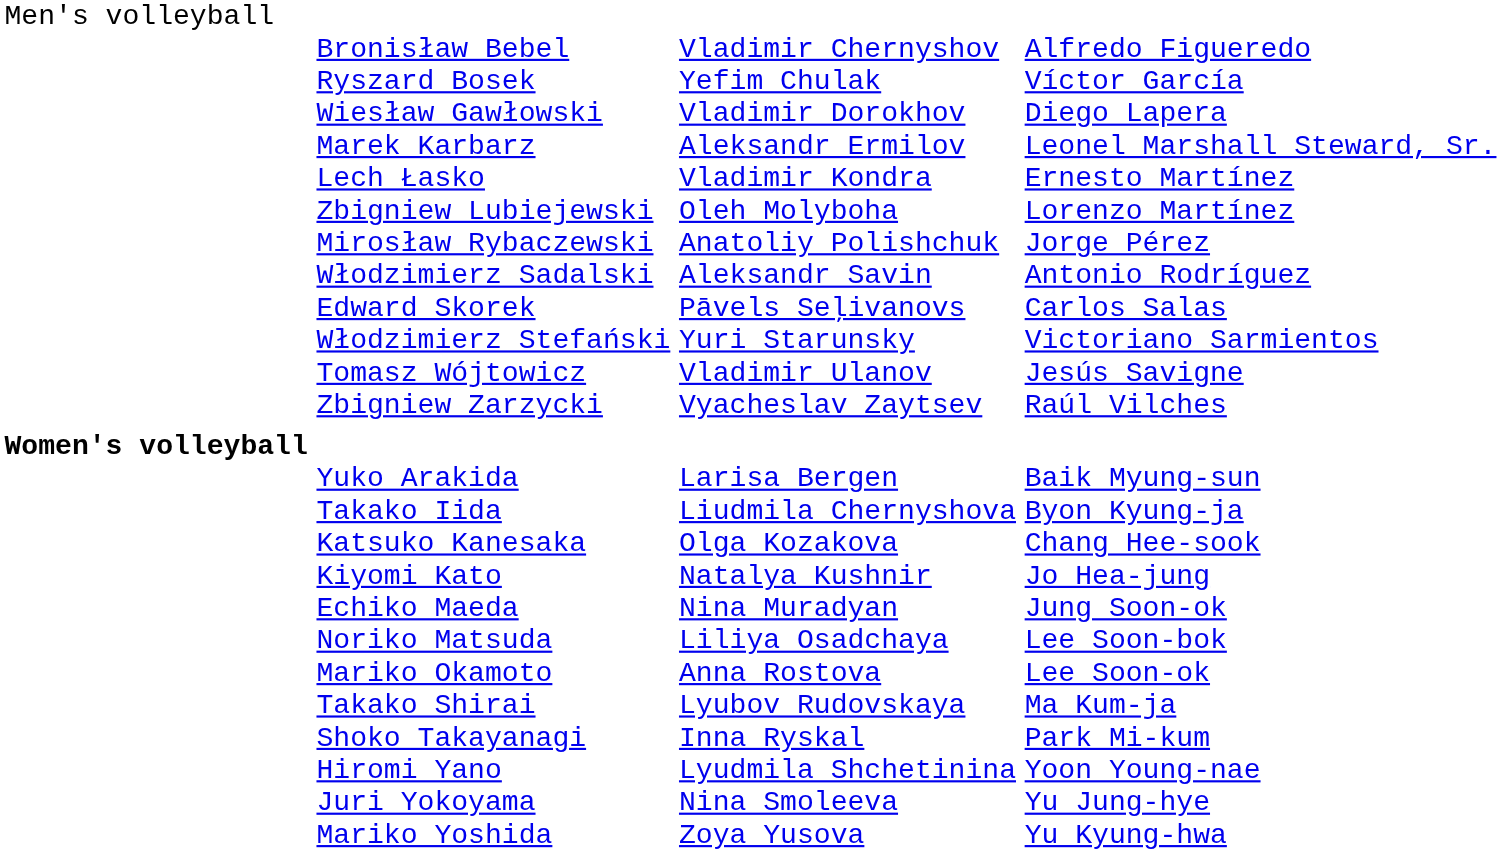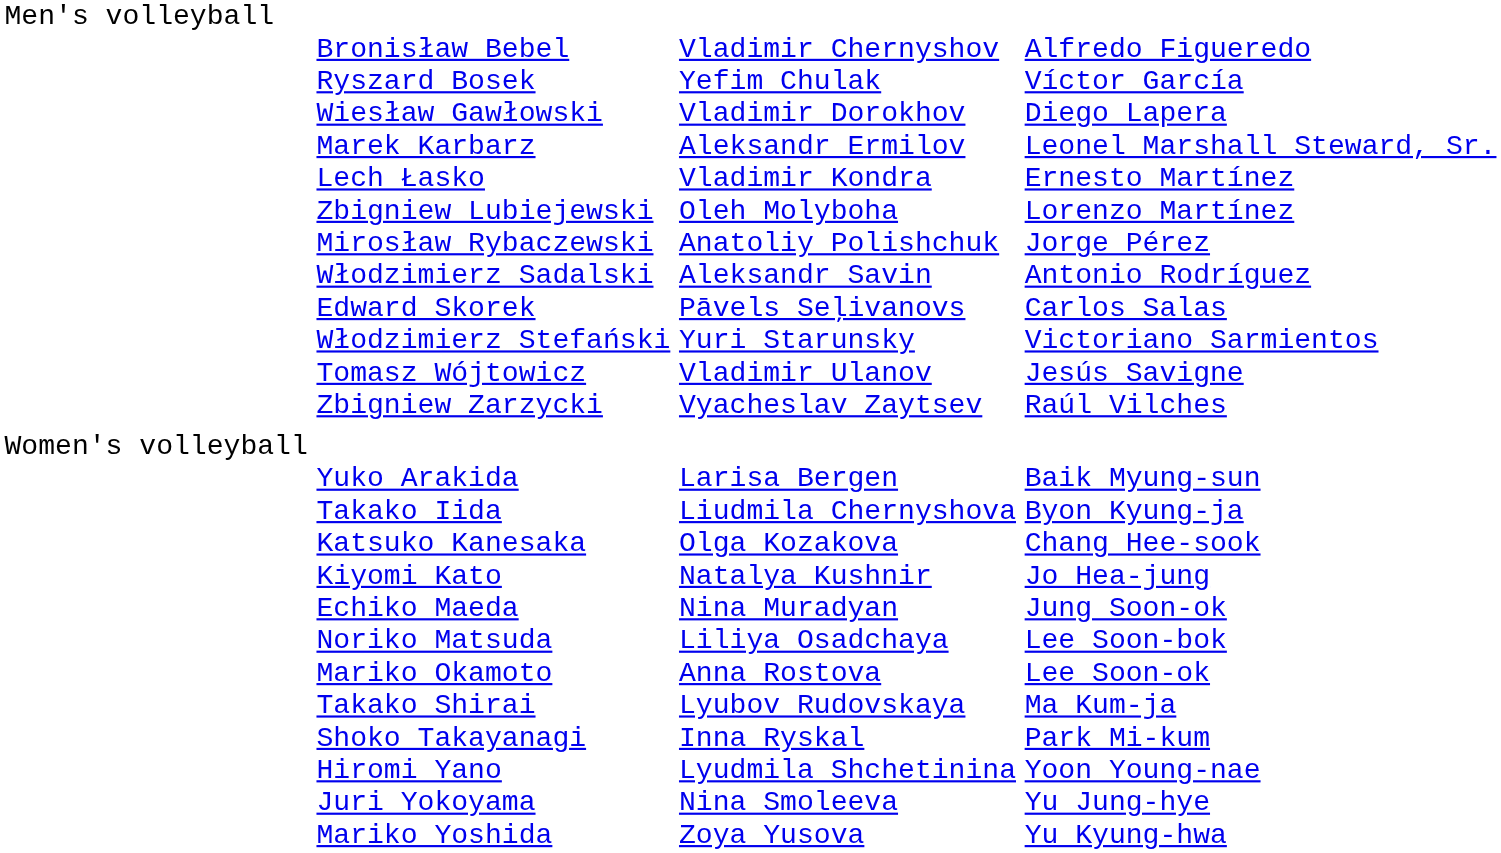 <table>
 <tr valign="top">
 <td>Men's volleyball<br></td>
 <td><br><a href='#'>Bronisław Bebel</a><br><a href='#'>Ryszard Bosek</a><br><a href='#'>Wiesław Gawłowski</a><br><a href='#'>Marek Karbarz</a><br><a href='#'>Lech Łasko</a><br><a href='#'>Zbigniew Lubiejewski</a><br><a href='#'>Mirosław Rybaczewski</a><br><a href='#'>Włodzimierz Sadalski</a><br><a href='#'>Edward Skorek</a><br><a href='#'>Włodzimierz Stefański</a><br><a href='#'>Tomasz Wójtowicz</a><br><a href='#'>Zbigniew Zarzycki</a></td>
 <td><br><a href='#'>Vladimir Chernyshov</a><br><a href='#'>Yefim Chulak</a><br><a href='#'>Vladimir Dorokhov</a><br><a href='#'>Aleksandr Ermilov</a><br><a href='#'>Vladimir Kondra</a><br><a href='#'>Oleh Molyboha</a><br><a href='#'>Anatoliy Polishchuk</a><br><a href='#'>Aleksandr Savin</a><br><a href='#'>Pāvels Seļivanovs</a><br><a href='#'>Yuri Starunsky</a><br><a href='#'>Vladimir Ulanov</a><br><a href='#'>Vyacheslav Zaytsev</a></td>
 <td><br><a href='#'>Alfredo Figueredo</a><br><a href='#'>Víctor García</a><br><a href='#'>Diego Lapera</a><br><a href='#'>Leonel Marshall Steward, Sr.</a><br><a href='#'>Ernesto Martínez</a><br><a href='#'>Lorenzo Martínez</a><br><a href='#'>Jorge Pérez</a><br><a href='#'>Antonio Rodríguez</a><br><a href='#'>Carlos Salas</a><br><a href='#'>Victoriano Sarmientos</a><br><a href='#'>Jesús Savigne</a><br><a href='#'>Raúl Vilches</a></td>
 </tr>
 <tr valign="top">
-<td><strong>Women's volleyball<br></strong></td>
+<td>Women's volleyball<br></td>
 <td><br><a href='#'>Yuko Arakida</a><br><a href='#'>Takako Iida</a><br><a href='#'>Katsuko Kanesaka</a><br><a href='#'>Kiyomi Kato</a><br><a href='#'>Echiko Maeda</a><br><a href='#'>Noriko Matsuda</a><br><a href='#'>Mariko Okamoto</a><br><a href='#'>Takako Shirai</a><br><a href='#'>Shoko Takayanagi</a><br><a href='#'>Hiromi Yano</a><br><a href='#'>Juri Yokoyama</a><br><a href='#'>Mariko Yoshida</a></td>
 <td><br><a href='#'>Larisa Bergen</a><br><a href='#'>Liudmila Chernyshova</a><br><a href='#'>Olga Kozakova</a><br><a href='#'>Natalya Kushnir</a><br><a href='#'>Nina Muradyan</a><br><a href='#'>Liliya Osadchaya</a><br><a href='#'>Anna Rostova</a><br><a href='#'>Lyubov Rudovskaya</a><br><a href='#'>Inna Ryskal</a><br><a href='#'>Lyudmila Shchetinina</a><br><a href='#'>Nina Smoleeva</a><br><a href='#'>Zoya Yusova</a></td>
 <td><br><a href='#'>Baik Myung-sun</a><br><a href='#'>Byon Kyung-ja</a><br><a href='#'>Chang Hee-sook</a><br><a href='#'>Jo Hea-jung</a><br><a href='#'>Jung Soon-ok</a><br><a href='#'>Lee Soon-bok</a><br><a href='#'>Lee Soon-ok</a><br><a href='#'>Ma Kum-ja</a><br><a href='#'>Park Mi-kum</a><br><a href='#'>Yoon Young-nae</a><br><a href='#'>Yu Jung-hye</a><br><a href='#'>Yu Kyung-hwa</a></td>
 </tr>
 </table>
